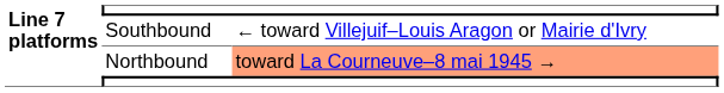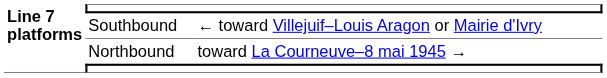 <table border=0 cellspacing=0 cellpadding=3>
 <tr>
 <td style="border-bottom:solid 1px gray;" width=50 rowspan=10 valign=top><strong>Line 7 platforms</strong></td>
 <td style="border-top:solid 1px gray;border-right:solid 2px black;border-left:solid 2px black;border-bottom:solid 2px black;text-align:center;" colspan=2></td>
 </tr>
 <tr>
 <td style="border-bottom:solid 1px gray;" width=100>Southbound</td>
 <td style="border-bottom:solid 1px gray;" width=390>←   toward <a href='#'>Villejuif–Louis Aragon</a> or <a href='#'>Mairie d'Ivry</a> </td>
 </tr>
 <tr>
 <td>Northbound</td>
-<td style="background: lightsalmon;">   toward <a href='#'>La Courneuve–8 mai 1945</a>  →</td>
+<td>   toward <a href='#'>La Courneuve–8 mai 1945</a>  →</td>
 </tr>
 <tr>
 <td style="border-top:solid 2px black;border-right:solid 2px black;border-left:solid 2px black;border-bottom:solid 1px gray;text-align:center;" colspan=2></td>
 </tr>
 </table>
